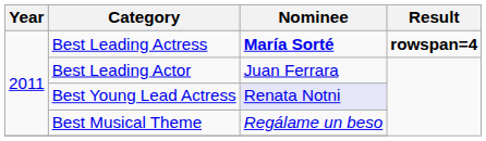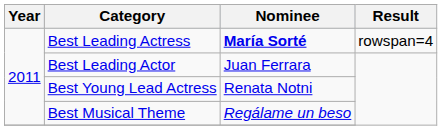 <table class="wikitable">
 <tr style="background:#b0c4de;">
 <th>Year</th>
 <th>Category</th>
 <th>Nominee</th>
 <th>Result</th>
 </tr>
 <tr>
 <td rowspan=4><a href='#'>2011</a></td>
 <td><a href='#'>Best Leading Actress</a></td>
 <td><strong><a href='#'>María Sorté</a></strong></td>
-<td><strong>rowspan=4 </strong></td>
+<td>rowspan=4 </td>
 </tr>
 <tr>
 <td><a href='#'>Best Leading Actor</a></td>
 <td><a href='#'>Juan Ferrara</a></td>
 </tr>
 <tr>
 <td><a href='#'>Best Young Lead Actress</a></td>
-<td style="background: lavender;"><a href='#'>Renata Notni</a></td>
+<td><a href='#'>Renata Notni</a></td>
 </tr>
 <tr>
 <td><a href='#'>Best Musical Theme</a></td>
 <td><em><a href='#'>Regálame un beso</a></em></td>
 </tr>
 <tr>
 </tr>
 </table>
